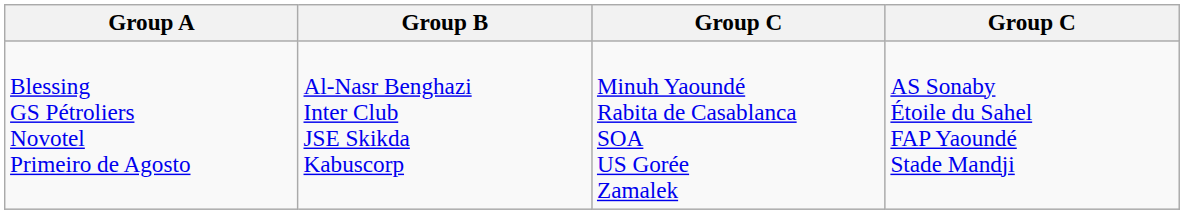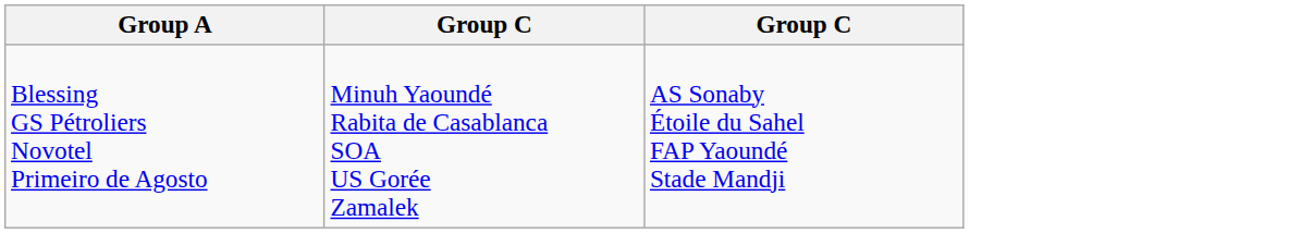 <table class="wikitable">
 <tr>
 <th width=195px>Group A</th>
-<th width=195px>Group B</th>
 <th width=195px>Group C</th>
 <th width=195px>Group C</th>
 </tr>
 <tr>
 <td valign=top><br> <a href='#'>Blessing</a><br>  <a href='#'>GS Pétroliers</a><br>  <a href='#'>Novotel</a><br>  <a href='#'>Primeiro de Agosto</a></td>
-<td valign=top><br> <a href='#'>Al-Nasr Benghazi</a><br>  <a href='#'>Inter Club</a><br>  <a href='#'>JSE Skikda</a><br>  <a href='#'>Kabuscorp</a></td>
 <td valign=top><br> <a href='#'>Minuh Yaoundé</a><br>  <a href='#'>Rabita de Casablanca</a><br>  <a href='#'>SOA</a><br>  <a href='#'>US Gorée</a><br>  <a href='#'>Zamalek</a></td>
 <td valign=top><br> <a href='#'>AS Sonaby</a><br>  <a href='#'>Étoile du Sahel</a><br>  <a href='#'>FAP Yaoundé</a><br>  <a href='#'>Stade Mandji</a></td>
 </tr>
 </table>
